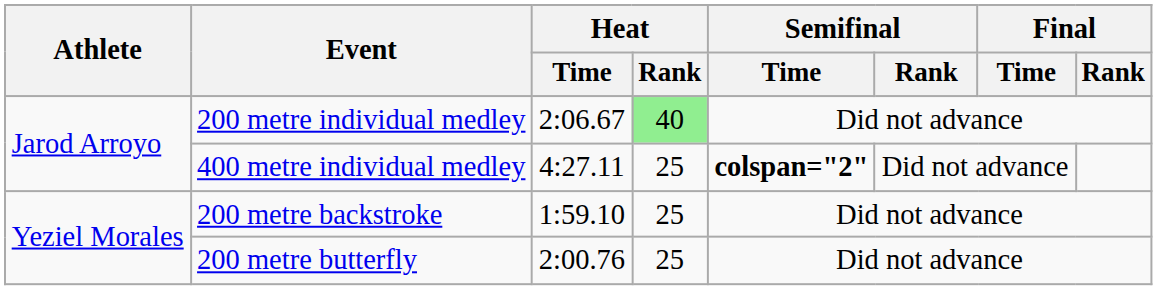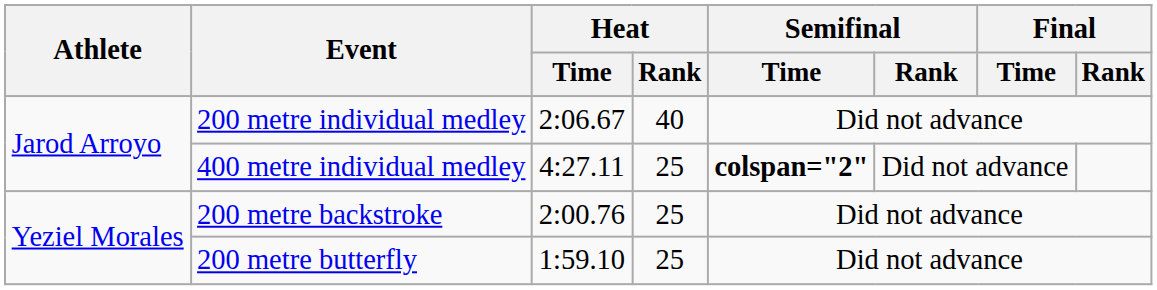 <table class="wikitable" style="text-align:center; font-size:90%">
 <tr>
 <th rowspan="2">Athlete</th>
 <th rowspan="2">Event</th>
 <th colspan="2">Heat</th>
 <th colspan="2">Semifinal</th>
 <th colspan="2">Final</th>
 </tr>
 <tr style="font-size:95%">
 <th>Time</th>
 <th>Rank</th>
 <th>Time</th>
 <th>Rank</th>
 <th>Time</th>
 <th>Rank</th>
 </tr>
 <tr>
 <td align=left rowspan=2><a href='#'>Jarod Arroyo</a></td>
 <td align=left><a href='#'>200 metre individual medley</a></td>
 <td>2:06.67</td>
-<td style="background: lightgreen;">40</td>
+<td>40</td>
 <td colspan=4>Did not advance</td>
 </tr>
 <tr>
 <td align=left><a href='#'>400 metre individual medley</a></td>
 <td>4:27.11</td>
 <td>25</td>
 <td><strong>colspan="2" </strong></td>
 <td colspan="2">Did not advance</td>
 </tr>
 <tr>
 <td align=left rowspan=2><a href='#'>Yeziel Morales</a></td>
 <td align=left><a href='#'>200 metre backstroke</a></td>
-<td>1:59.10</td>
+<td>2:00.76</td>
 <td>25</td>
 <td colspan=4>Did not advance</td>
 </tr>
 <tr>
 <td align=left><a href='#'>200 metre butterfly</a></td>
-<td>2:00.76</td>
+<td>1:59.10</td>
 <td>25</td>
 <td colspan=4>Did not advance</td>
 </tr>
 </table>
